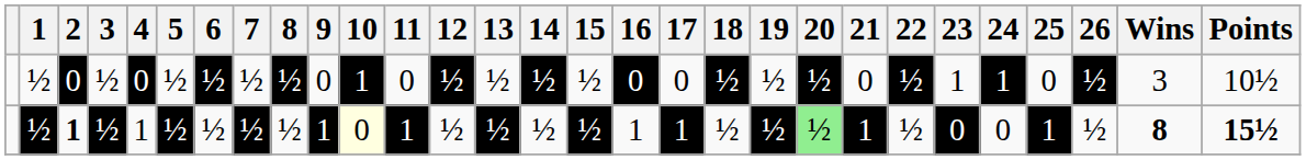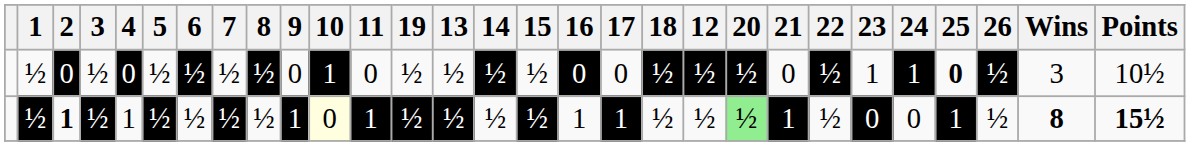 <table class="wikitable" style="text-align:center">
 <tr>
 <th></th>
 <th>1</th>
 <th>2</th>
 <th>3</th>
 <th>4</th>
 <th>5</th>
 <th>6</th>
 <th>7</th>
 <th>8</th>
 <th>9</th>
 <th>10</th>
 <th>11</th>
-<th>12</th>
+<th>19</th>
 <th>13</th>
 <th>14</th>
 <th>15</th>
 <th>16</th>
 <th>17</th>
 <th>18</th>
-<th>19</th>
+<th>12</th>
 <th>20</th>
 <th>21</th>
 <th>22</th>
 <th>23</th>
 <th>24</th>
 <th>25</th>
 <th>26</th>
 <th>Wins</th>
 <th>Points</th>
 </tr>
 <tr>
 <td align=left></td>
 <td>½</td>
 <td style="background:black; color:white">0</td>
 <td>½</td>
 <td style="background:black; color:white">0</td>
 <td>½</td>
 <td style="background:black; color:white">½</td>
 <td>½</td>
 <td style="background:black; color:white">½</td>
 <td>0</td>
 <td style="background:black; color:white">1</td>
 <td>0</td>
-<td style="background:black; color:white">½</td>
+<td>½</td>
 <td>½</td>
 <td style="background:black; color:white">½</td>
 <td>½</td>
 <td style="background:black; color:white">0</td>
 <td>0</td>
 <td style="background:black; color:white">½</td>
-<td>½</td>
+<td style="background:black; color:white">½</td>
 <td style="background:black; color:white">½</td>
 <td>0</td>
 <td style="background:black; color:white">½</td>
 <td>1</td>
 <td style="background:black; color:white">1</td>
-<td>0</td>
+<td><strong>0</strong></td>
 <td style="background:black; color:white">½</td>
 <td>3</td>
 <td>10½</td>
 </tr>
 <tr>
 <td align=left></td>
 <td style="background:black; color:white">½</td>
 <td><strong>1</strong></td>
 <td style="background:black; color:white">½</td>
 <td>1</td>
 <td style="background:black; color:white">½</td>
 <td>½</td>
 <td style="background:black; color:white">½</td>
 <td>½</td>
 <td style="background:black; color:white">1</td>
 <td style="background: lightyellow;">0</td>
 <td style="background:black; color:white">1</td>
-<td>½</td>
+<td style="background:black; color:white">½</td>
 <td style="background:black; color:white">½</td>
 <td>½</td>
 <td style="background:black; color:white">½</td>
 <td>1</td>
 <td style="background:black; color:white">1</td>
 <td>½</td>
-<td style="background:black; color:white">½</td>
+<td>½</td>
 <td style="background: lightgreen;">½</td>
 <td style="background:black; color:white">1</td>
 <td>½</td>
 <td style="background:black; color:white">0</td>
 <td>0</td>
 <td style="background:black; color:white">1</td>
 <td>½</td>
 <td><strong>8</strong></td>
 <td><strong>15½</strong></td>
 </tr>
 </table>
